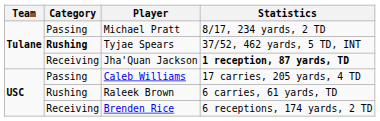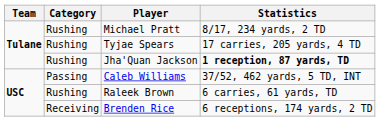 <table class="wikitable" style="float: right;">
 <tr>
 <th>Team</th>
 <th>Category</th>
 <th>Player</th>
 <th>Statistics</th>
 </tr>
 <tr>
 <td rowspan=3><strong>Tulane</strong></td>
-<td>Passing</td>
+<td>Rushing</td>
 <td>Michael Pratt</td>
 <td>8/17, 234 yards, 2 TD</td>
 </tr>
 <tr>
-<td><strong>Rushing</strong></td>
+<td>Rushing</td>
 <td>Tyjae Spears</td>
-<td>37/52, 462 yards, 5 TD, INT</td>
+<td>17 carries, 205 yards, 4 TD</td>
 </tr>
 <tr>
-<td>Receiving</td>
+<td>Rushing</td>
 <td>Jha'Quan Jackson</td>
 <td><strong>1 reception, 87 yards, TD</strong></td>
 </tr>
 <tr>
 <td rowspan=3><strong>USC</strong></td>
 <td>Passing</td>
 <td><a href='#'>Caleb Williams</a></td>
-<td>17 carries, 205 yards, 4 TD</td>
+<td>37/52, 462 yards, 5 TD, INT</td>
 </tr>
 <tr>
 <td>Rushing</td>
 <td>Raleek Brown</td>
 <td>6 carries, 61 yards, TD</td>
 </tr>
 <tr>
 <td>Receiving</td>
 <td><a href='#'>Brenden Rice</a></td>
 <td>6 receptions, 174 yards, 2 TD</td>
 </tr>
 </table>
